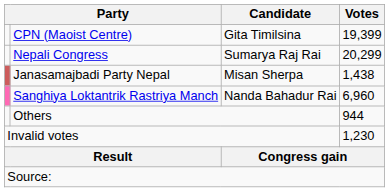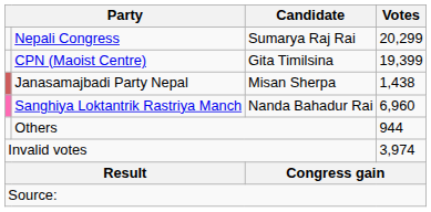 <table class="wikitable">
 <tr>
 <th colspan="2">Party</th>
 <th>Candidate</th>
 <th>Votes</th>
 </tr>
 <tr>
 <td style="background-color:"></td>
+<td><a href='#'>Nepali Congress</a></td>
+<td>Sumarya Raj Rai</td>
+<td>20,299</td>
+</tr>
+<tr>
+<td style="background-color:"></td>
 <td><a href='#'>CPN (Maoist Centre)</a></td>
 <td>Gita Timilsina</td>
 <td>19,399</td>
-</tr>
-<tr>
-<td style="background-color:"></td>
-<td><a href='#'>Nepali Congress</a></td>
-<td>Sumarya Raj Rai</td>
-<td>20,299</td>
 </tr>
 <tr>
 <td style="background-color:indianred"></td>
 <td>Janasamajbadi Party Nepal</td>
 <td>Misan Sherpa</td>
 <td>1,438</td>
 </tr>
 <tr>
 <td style="background-color:hotpink"></td>
 <td><a href='#'>Sanghiya Loktantrik Rastriya Manch</a></td>
 <td>Nanda Bahadur Rai</td>
 <td>6,960</td>
 </tr>
 <tr>
 <td></td>
 <td colspan="2">Others</td>
 <td>944</td>
 </tr>
 <tr>
 <td colspan="3">Invalid votes</td>
-<td>1,230</td>
+<td>3,974</td>
 </tr>
 <tr>
 <th colspan="2">Result</th>
 <th colspan="2">Congress gain</th>
 </tr>
 <tr>
 <td colspan="4">Source: </td>
 </tr>
 </table>
